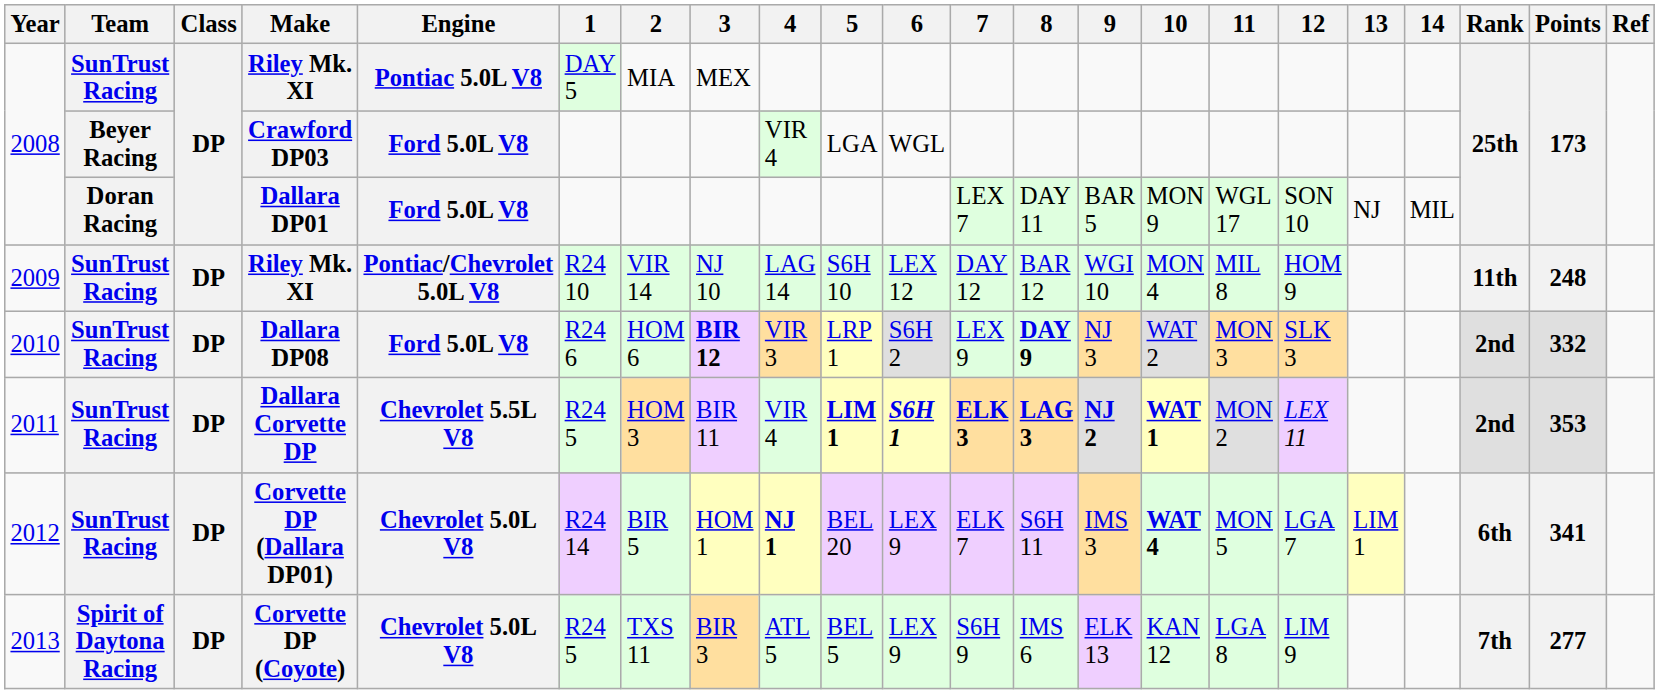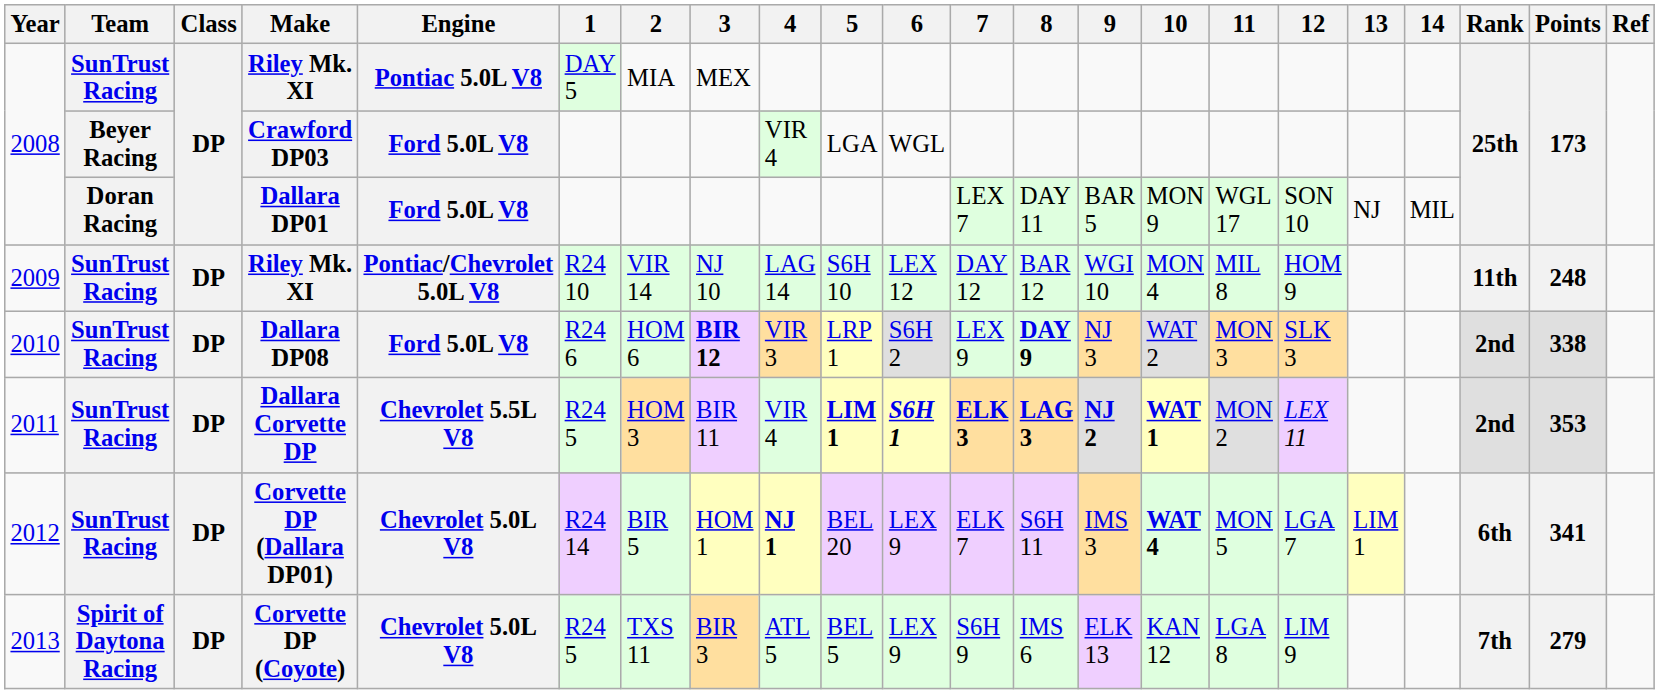 <table class="wikitable">
 <tr>
 <th>Year</th>
 <th>Team</th>
 <th>Class</th>
 <th>Make</th>
 <th>Engine</th>
 <th>1</th>
 <th>2</th>
 <th>3</th>
 <th>4</th>
 <th>5</th>
 <th>6</th>
 <th>7</th>
 <th>8</th>
 <th>9</th>
 <th>10</th>
 <th>11</th>
 <th>12</th>
 <th>13</th>
 <th>14</th>
 <th>Rank</th>
 <th>Points</th>
 <th>Ref</th>
 </tr>
 <tr>
 <td rowspan="3"><a href='#'>2008</a></td>
 <th><a href='#'>SunTrust Racing</a></th>
 <th rowspan="3">DP</th>
 <th><a href='#'>Riley</a> Mk. XI</th>
 <th><a href='#'>Pontiac</a> 5.0L <a href='#'>V8</a></th>
 <td style="background:#DFFFDF;"><a href='#'>DAY</a><br>5</td>
 <td>MIA<br></td>
 <td>MEX<br></td>
 <td></td>
 <td></td>
 <td></td>
 <td></td>
 <td></td>
 <td></td>
 <td></td>
 <td></td>
 <td></td>
 <td></td>
 <td></td>
 <th rowspan="3">25th</th>
 <th rowspan="3">173</th>
 <td rowspan="3"></td>
 </tr>
 <tr>
 <th>Beyer Racing</th>
 <th><a href='#'>Crawford</a> DP03</th>
 <th><a href='#'>Ford</a> 5.0L <a href='#'>V8</a></th>
 <td></td>
 <td></td>
 <td></td>
 <td style="background:#DFFFDF;">VIR<br>4</td>
 <td>LGA<br></td>
 <td>WGL<br></td>
 <td></td>
 <td></td>
 <td></td>
 <td></td>
 <td></td>
 <td></td>
 <td></td>
 <td></td>
 </tr>
 <tr>
 <th>Doran Racing</th>
 <th><a href='#'>Dallara</a> DP01</th>
 <th><a href='#'>Ford</a> 5.0L <a href='#'>V8</a></th>
 <td></td>
 <td></td>
 <td></td>
 <td></td>
 <td></td>
 <td></td>
 <td style="background:#DFFFDF;">LEX<br>7</td>
 <td style="background:#DFFFDF;">DAY<br>11</td>
 <td style="background:#DFFFDF;">BAR<br>5</td>
 <td style="background:#DFFFDF;">MON<br>9</td>
 <td style="background:#DFFFDF;">WGL<br>17</td>
 <td style="background:#DFFFDF;">SON<br>10</td>
 <td>NJ<br></td>
 <td>MIL<br></td>
 </tr>
 <tr>
 <td><a href='#'>2009</a></td>
 <th><a href='#'>SunTrust Racing</a></th>
 <th>DP</th>
 <th><a href='#'>Riley</a> Mk. XI</th>
 <th><a href='#'>Pontiac</a>/<a href='#'>Chevrolet</a> 5.0L <a href='#'>V8</a></th>
 <td style="background:#DFFFDF;"><a href='#'>R24</a><br>10</td>
 <td style="background:#DFFFDF;"><a href='#'>VIR</a><br>14</td>
 <td style="background:#DFFFDF;"><a href='#'>NJ</a><br>10</td>
 <td style="background:#DFFFDF;"><a href='#'>LAG</a><br>14</td>
 <td style="background:#DFFFDF;"><a href='#'>S6H</a><br>10</td>
 <td style="background:#DFFFDF;"><a href='#'>LEX</a><br>12</td>
 <td style="background:#DFFFDF;"><a href='#'>DAY</a><br>12</td>
 <td style="background:#DFFFDF;"><a href='#'>BAR</a><br>12</td>
 <td style="background:#DFFFDF;"><a href='#'>WGI</a><br>10</td>
 <td style="background:#DFFFDF;"><a href='#'>MON</a><br>4</td>
 <td style="background:#DFFFDF;"><a href='#'>MIL</a><br>8</td>
 <td style="background:#DFFFDF;"><a href='#'>HOM</a><br>9</td>
 <td></td>
 <td></td>
 <th>11th</th>
 <th>248</th>
 <td></td>
 </tr>
 <tr>
 <td><a href='#'>2010</a></td>
 <th><a href='#'>SunTrust Racing</a></th>
 <th>DP</th>
 <th><a href='#'>Dallara</a> DP08</th>
 <th><a href='#'>Ford</a> 5.0L <a href='#'>V8</a></th>
 <td style="background:#DFFFDF;"><a href='#'>R24</a><br>6</td>
 <td style="background:#DFFFDF;"><a href='#'>HOM</a><br>6</td>
 <td style="background:#EFCFFF;"><strong><a href='#'>BIR</a><br>12</strong></td>
 <td style="background:#FFDF9F;”"><a href='#'>VIR</a><br>3</td>
 <td style="background:#FFFFBF;”"><a href='#'>LRP</a><br>1</td>
 <td style="background:#DFDFDF;”"><a href='#'>S6H</a><br>2</td>
 <td style="background:#DFFFDF;"><a href='#'>LEX</a><br>9</td>
 <td style="background:#DFFFDF;"><strong><a href='#'>DAY</a><br>9</strong></td>
 <td style="background:#FFDF9F;”"><a href='#'>NJ</a><br>3</td>
 <td style="background:#DFDFDF;”"><a href='#'>WAT</a><br>2</td>
 <td style="background:#FFDF9F;”"><a href='#'>MON</a><br>3</td>
 <td style="background:#FFDF9F;”"><a href='#'>SLK</a><br>3</td>
 <td></td>
 <td></td>
 <th style="background:#DFDFDF;”">2nd</th>
-<th style="background:#DFDFDF;”">332</th>
+<th style="background:#DFDFDF;”">338</th>
 <td></td>
 </tr>
 <tr>
 <td><a href='#'>2011</a></td>
 <th><a href='#'>SunTrust Racing</a></th>
 <th>DP</th>
 <th><a href='#'>Dallara</a> <a href='#'>Corvette DP</a></th>
 <th><a href='#'>Chevrolet</a> 5.5L <a href='#'>V8</a></th>
 <td style="background:#DFFFDF;"><a href='#'>R24</a><br>5</td>
 <td style="background:#FFDF9F;”"><a href='#'>HOM</a><br>3</td>
 <td style="background:#EFCFFF;"><a href='#'>BIR</a><br>11</td>
 <td style="background:#DFFFDF;"><a href='#'>VIR</a><br>4</td>
 <td style="background:#FFFFBF;”"><strong><a href='#'>LIM</a><br>1</strong></td>
 <td style="background:#FFFFBF;”"><strong><em><a href='#'>S6H</a><br>1</em></strong></td>
 <td style="background:#FFDF9F;”"><strong><a href='#'>ELK</a><br>3</strong></td>
 <td style="background:#FFDF9F;”"><strong><a href='#'>LAG</a><br>3</strong></td>
 <td style="background:#DFDFDF;”"><strong><a href='#'>NJ</a><br>2</strong></td>
 <td style="background:#FFFFBF;”"><strong><a href='#'>WAT</a><br>1</strong></td>
 <td style="background:#DFDFDF;”"><a href='#'>MON</a><br>2</td>
 <td style="background:#EFCFFF;"><em><a href='#'>LEX</a><br>11</em></td>
 <td></td>
 <td></td>
 <th style="background:#DFDFDF;”">2nd</th>
 <th style="background:#DFDFDF;”">353</th>
 <td></td>
 </tr>
 <tr>
 <td><a href='#'>2012</a></td>
 <th><a href='#'>SunTrust Racing</a></th>
 <th>DP</th>
 <th><a href='#'>Corvette DP</a> (<a href='#'>Dallara</a> DP01)</th>
 <th><a href='#'>Chevrolet</a> 5.0L <a href='#'>V8</a></th>
 <td style="background:#EFCFFF;"><a href='#'>R24</a><br>14</td>
 <td style="background:#DFFFDF;"><a href='#'>BIR</a><br>5</td>
 <td style="background:#FFFFBF;”"><a href='#'>HOM</a><br>1</td>
 <td style="background:#FFFFBF;”"><strong><a href='#'>NJ</a><br>1</strong></td>
 <td style="background:#EFCFFF;"><a href='#'>BEL</a><br>20</td>
 <td style="background:#EFCFFF;"><a href='#'>LEX</a><br>9</td>
 <td style="background:#EFCFFF;"><a href='#'>ELK</a><br>7</td>
 <td style="background:#EFCFFF;"><a href='#'>S6H</a><br>11</td>
 <td style="background:#FFDF9F;”"><a href='#'>IMS</a><br>3</td>
 <td style="background:#DFFFDF;"><strong><a href='#'>WAT</a><br>4</strong></td>
 <td style="background:#DFFFDF;"><a href='#'>MON</a><br>5</td>
 <td style="background:#DFFFDF;"><a href='#'>LGA</a><br>7</td>
 <td style="background:#FFFFBF;”"><a href='#'>LIM</a><br>1</td>
 <td></td>
 <th>6th</th>
 <th>341</th>
 <td></td>
 </tr>
 <tr>
 <td><a href='#'>2013</a></td>
 <th><a href='#'>Spirit of Daytona Racing</a></th>
 <th>DP</th>
 <th><a href='#'>Corvette</a> DP (<a href='#'>Coyote</a>)</th>
 <th><a href='#'>Chevrolet</a> 5.0L <a href='#'>V8</a></th>
 <td style="background:#DFFFDF;"><a href='#'>R24</a><br>5</td>
 <td style="background:#DFFFDF;"><a href='#'>TXS</a><br>11</td>
 <td style="background:#FFDF9F;”"><a href='#'>BIR</a><br>3</td>
 <td style="background:#DFFFDF;"><a href='#'>ATL</a><br>5</td>
 <td style="background:#DFFFDF;"><a href='#'>BEL</a><br>5</td>
 <td style="background:#DFFFDF;"><a href='#'>LEX</a><br>9</td>
 <td style="background:#DFFFDF;"><a href='#'>S6H</a><br>9</td>
 <td style="background:#DFFFDF;"><a href='#'>IMS</a><br>6</td>
 <td style="background:#EFCFFF;"><a href='#'>ELK</a><br>13</td>
 <td style="background:#DFFFDF;"><a href='#'>KAN</a><br>12</td>
 <td style="background:#DFFFDF;"><a href='#'>LGA</a><br>8</td>
 <td style="background:#DFFFDF;"><a href='#'>LIM</a><br>9</td>
 <td></td>
 <td></td>
 <th>7th</th>
-<th>277</th>
+<th>279</th>
 <td></td>
 </tr>
 </table>
